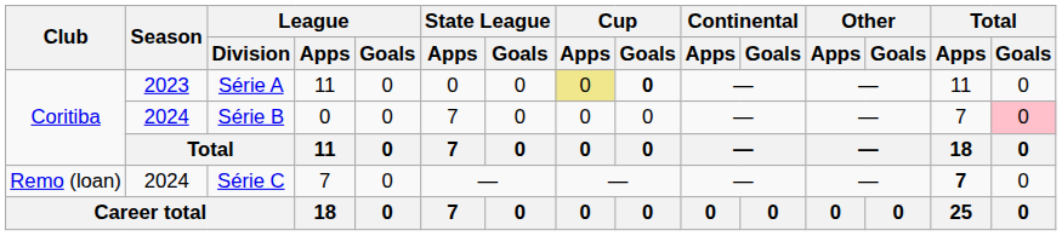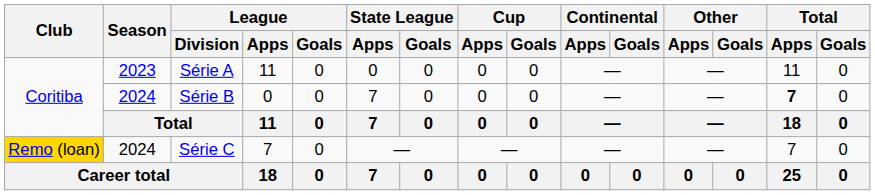 <table class="wikitable" style="text-align: center;">
 <tr>
 <th rowspan="2">Club</th>
 <th rowspan="2">Season</th>
 <th colspan="3">League</th>
 <th colspan="2">State League</th>
 <th colspan="2">Cup</th>
 <th colspan="2">Continental</th>
 <th colspan="2">Other</th>
 <th colspan="2">Total</th>
 </tr>
 <tr>
 <th>Division</th>
 <th>Apps</th>
 <th>Goals</th>
 <th>Apps</th>
 <th>Goals</th>
 <th>Apps</th>
 <th>Goals</th>
 <th>Apps</th>
 <th>Goals</th>
 <th>Apps</th>
 <th>Goals</th>
 <th>Apps</th>
 <th>Goals</th>
 </tr>
 <tr>
 <td rowspan="3" valign="center"><a href='#'>Coritiba</a></td>
 <td><a href='#'>2023</a></td>
 <td><a href='#'>Série A</a></td>
 <td>11</td>
 <td>0</td>
 <td>0</td>
 <td>0</td>
-<td style="background: khaki;">0</td>
-<td><strong>0</strong></td>
+<td>0</td>
+<td>0</td>
 <td colspan="2">—</td>
 <td colspan="2">—</td>
 <td>11</td>
 <td>0</td>
 </tr>
 <tr>
 <td><a href='#'>2024</a></td>
 <td><a href='#'>Série B</a></td>
 <td>0</td>
 <td>0</td>
 <td>7</td>
 <td>0</td>
 <td>0</td>
 <td>0</td>
 <td colspan="2">—</td>
 <td colspan="2">—</td>
-<td>7</td>
-<td style="background: pink;">0</td>
+<td><strong>7</strong></td>
+<td>0</td>
 </tr>
 <tr>
 <th colspan="2">Total</th>
 <th>11</th>
 <th>0</th>
 <th>7</th>
 <th>0</th>
 <th>0</th>
 <th>0</th>
 <th colspan="2">—</th>
 <th colspan="2">—</th>
 <th>18</th>
 <th>0</th>
 </tr>
 <tr>
-<td><a href='#'>Remo</a> (loan)</td>
+<td style="background: gold;"><a href='#'>Remo</a> (loan)</td>
 <td>2024</td>
 <td><a href='#'>Série C</a></td>
 <td>7</td>
 <td>0</td>
 <td colspan="2">—</td>
 <td colspan="2">—</td>
 <td colspan="2">—</td>
 <td colspan="2">—</td>
-<td><strong>7</strong></td>
+<td>7</td>
 <td>0</td>
 </tr>
 <tr>
 <th colspan="3"><strong>Career total</strong></th>
 <th>18</th>
 <th>0</th>
 <th>7</th>
 <th>0</th>
 <th>0</th>
 <th>0</th>
 <th>0</th>
 <th>0</th>
 <th>0</th>
 <th>0</th>
 <th>25</th>
 <th>0</th>
 </tr>
 </table>
